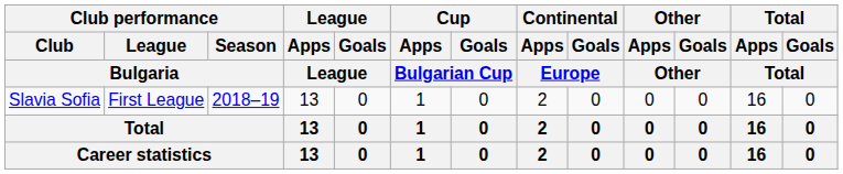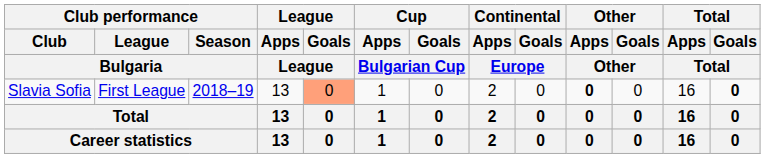 <table class="wikitable" style="text-align: center">
 <tr>
 <th colspan="3">Club performance</th>
 <th colspan="2">League</th>
 <th colspan="2">Cup</th>
 <th colspan="2">Continental</th>
 <th colspan="2">Other</th>
 <th colspan="3">Total</th>
 </tr>
 <tr>
 <th>Club</th>
 <th>League</th>
 <th>Season</th>
 <th>Apps</th>
 <th>Goals</th>
 <th>Apps</th>
 <th>Goals</th>
 <th>Apps</th>
 <th>Goals</th>
 <th>Apps</th>
 <th>Goals</th>
 <th>Apps</th>
 <th>Goals</th>
 </tr>
 <tr>
 <th colspan="3">Bulgaria</th>
 <th colspan="2">League</th>
 <th colspan="2"><a href='#'>Bulgarian Cup</a></th>
 <th colspan="2"><a href='#'>Europe</a></th>
 <th colspan="2">Other</th>
 <th colspan="2">Total</th>
 </tr>
 <tr>
 <td rowspan="1" valign="center"><a href='#'>Slavia Sofia</a></td>
 <td rowspan="1"><a href='#'>First League</a></td>
 <td><a href='#'>2018–19</a></td>
 <td>13</td>
-<td>0</td>
+<td style="background: lightsalmon;">0</td>
 <td>1</td>
 <td>0</td>
 <td>2</td>
 <td>0</td>
-<td>0</td>
+<td><strong>0</strong></td>
 <td>0</td>
 <td>16</td>
-<td>0</td>
+<td><strong>0</strong></td>
 </tr>
 <tr>
 <th colspan=3>Total</th>
 <th>13</th>
 <th>0</th>
 <th>1</th>
 <th>0</th>
 <th>2</th>
 <th>0</th>
 <th>0</th>
 <th>0</th>
 <th>16</th>
 <th>0</th>
 </tr>
 <tr>
 <th colspan="3">Career statistics</th>
 <th>13</th>
 <th>0</th>
 <th>1</th>
 <th>0</th>
 <th>2</th>
 <th>0</th>
 <th>0</th>
 <th>0</th>
 <th>16</th>
 <th>0</th>
 </tr>
 </table>
